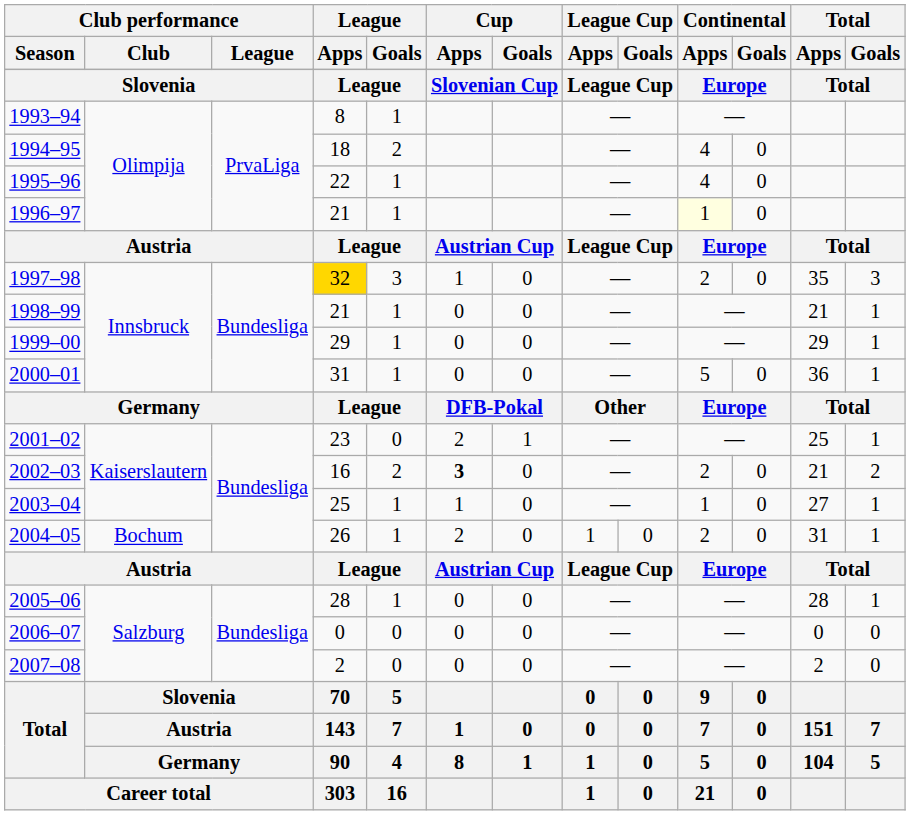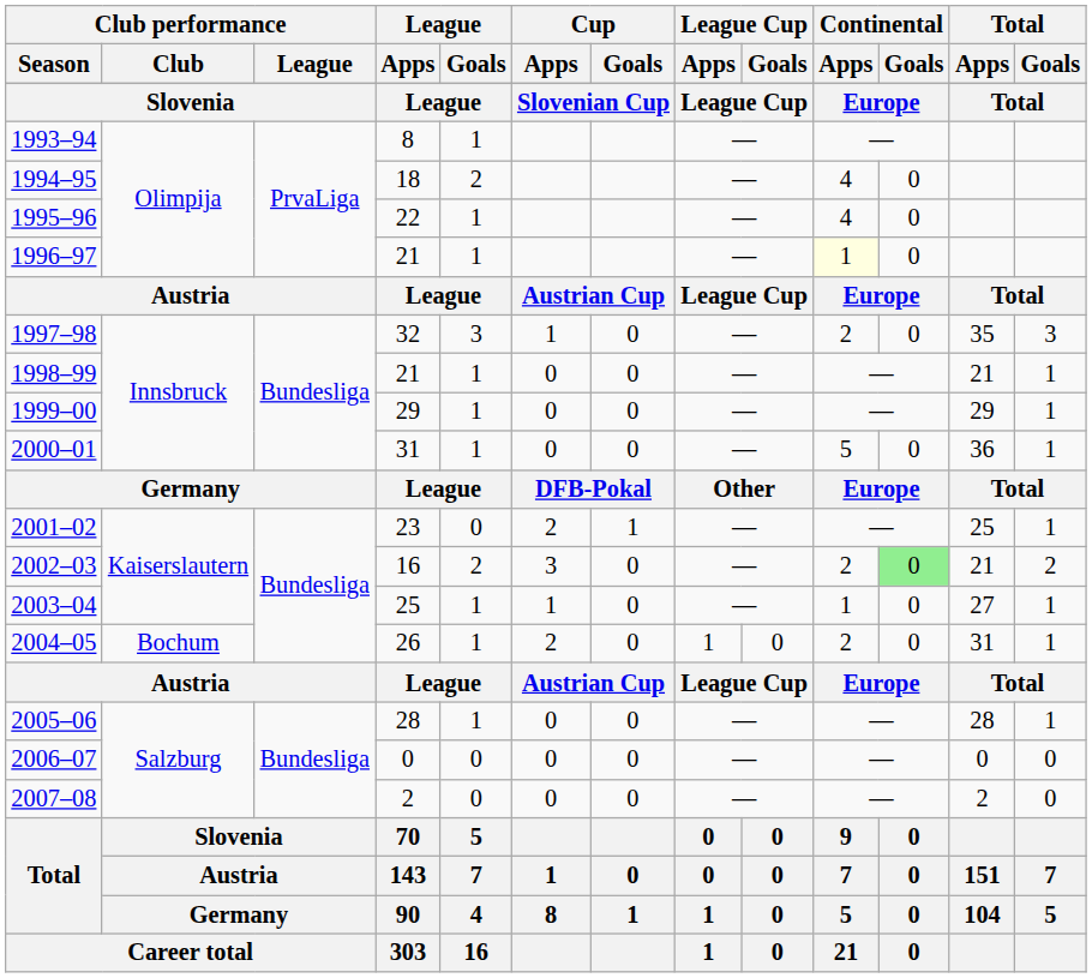 <table class="wikitable" style="text-align:center">
 <tr>
 <th colspan=3>Club performance</th>
 <th colspan=2>League</th>
 <th colspan=2>Cup</th>
 <th colspan=2>League Cup</th>
 <th colspan=2>Continental</th>
 <th colspan=2>Total</th>
 </tr>
 <tr>
 <th>Season</th>
 <th>Club</th>
 <th>League</th>
 <th>Apps</th>
 <th>Goals</th>
 <th>Apps</th>
 <th>Goals</th>
 <th>Apps</th>
 <th>Goals</th>
 <th>Apps</th>
 <th>Goals</th>
 <th>Apps</th>
 <th>Goals</th>
 </tr>
 <tr>
 </tr>
 <tr>
 <th colspan=3>Slovenia</th>
 <th colspan=2>League</th>
 <th colspan=2><a href='#'>Slovenian Cup</a></th>
 <th colspan=2>League Cup</th>
 <th colspan=2><a href='#'>Europe</a></th>
 <th colspan=2>Total</th>
 </tr>
 <tr>
 <td><a href='#'>1993–94</a></td>
 <td rowspan="4"><a href='#'>Olimpija</a></td>
 <td rowspan="4"><a href='#'>PrvaLiga</a></td>
 <td>8</td>
 <td>1</td>
 <td></td>
 <td></td>
 <td colspan="2">—</td>
 <td colspan="2">—</td>
 <td></td>
 <td></td>
 </tr>
 <tr>
 <td><a href='#'>1994–95</a></td>
 <td>18</td>
 <td>2</td>
 <td></td>
 <td></td>
 <td colspan="2">—</td>
 <td>4</td>
 <td>0</td>
 <td></td>
 <td></td>
 </tr>
 <tr>
 <td><a href='#'>1995–96</a></td>
 <td>22</td>
 <td>1</td>
 <td></td>
 <td></td>
 <td colspan="2">—</td>
 <td>4</td>
 <td>0</td>
 <td></td>
 <td></td>
 </tr>
 <tr>
 <td><a href='#'>1996–97</a></td>
 <td>21</td>
 <td>1</td>
 <td></td>
 <td></td>
 <td colspan="2">—</td>
 <td style="background: lightyellow;">1</td>
 <td>0</td>
 <td></td>
 <td></td>
 </tr>
 <tr>
 <th colspan=3>Austria</th>
 <th colspan=2>League</th>
 <th colspan=2><a href='#'>Austrian Cup</a></th>
 <th colspan=2>League Cup</th>
 <th colspan=2><a href='#'>Europe</a></th>
 <th colspan=2>Total</th>
 </tr>
 <tr>
 <td><a href='#'>1997–98</a></td>
 <td rowspan="4"><a href='#'>Innsbruck</a></td>
 <td rowspan="4"><a href='#'>Bundesliga</a></td>
-<td style="background: gold;">32</td>
+<td>32</td>
 <td>3</td>
 <td>1</td>
 <td>0</td>
 <td colspan="2">—</td>
 <td>2</td>
 <td>0</td>
 <td>35</td>
 <td>3</td>
 </tr>
 <tr>
 <td><a href='#'>1998–99</a></td>
 <td>21</td>
 <td>1</td>
 <td>0</td>
 <td>0</td>
 <td colspan="2">—</td>
 <td colspan="2">—</td>
 <td>21</td>
 <td>1</td>
 </tr>
 <tr>
 <td><a href='#'>1999–00</a></td>
 <td>29</td>
 <td>1</td>
 <td>0</td>
 <td>0</td>
 <td colspan="2">—</td>
 <td colspan="2">—</td>
 <td>29</td>
 <td>1</td>
 </tr>
 <tr>
 <td><a href='#'>2000–01</a></td>
 <td>31</td>
 <td>1</td>
 <td>0</td>
 <td>0</td>
 <td colspan="2">—</td>
 <td>5</td>
 <td>0</td>
 <td>36</td>
 <td>1</td>
 </tr>
 <tr>
 <th colspan=3>Germany</th>
 <th colspan=2>League</th>
 <th colspan=2><a href='#'>DFB-Pokal</a></th>
 <th colspan=2>Other</th>
 <th colspan=2><a href='#'>Europe</a></th>
 <th colspan=2>Total</th>
 </tr>
 <tr>
 <td><a href='#'>2001–02</a></td>
 <td rowspan="3"><a href='#'>Kaiserslautern</a></td>
 <td rowspan="4"><a href='#'>Bundesliga</a></td>
 <td>23</td>
 <td>0</td>
 <td>2</td>
 <td>1</td>
 <td colspan="2">—</td>
 <td colspan="2">—</td>
 <td>25</td>
 <td>1</td>
 </tr>
 <tr>
 <td><a href='#'>2002–03</a></td>
 <td>16</td>
 <td>2</td>
-<td><strong>3</strong></td>
+<td>3</td>
 <td>0</td>
 <td colspan="2">—</td>
 <td>2</td>
-<td>0</td>
+<td style="background: lightgreen;">0</td>
 <td>21</td>
 <td>2</td>
 </tr>
 <tr>
 <td><a href='#'>2003–04</a></td>
 <td>25</td>
 <td>1</td>
 <td>1</td>
 <td>0</td>
 <td colspan="2">—</td>
 <td>1</td>
 <td>0</td>
 <td>27</td>
 <td>1</td>
 </tr>
 <tr>
 <td><a href='#'>2004–05</a></td>
 <td><a href='#'>Bochum</a></td>
 <td>26</td>
 <td>1</td>
 <td>2</td>
 <td>0</td>
 <td>1</td>
 <td>0</td>
 <td>2</td>
 <td>0</td>
 <td>31</td>
 <td>1</td>
 </tr>
 <tr>
 <th colspan=3>Austria</th>
 <th colspan=2>League</th>
 <th colspan=2><a href='#'>Austrian Cup</a></th>
 <th colspan=2>League Cup</th>
 <th colspan=2><a href='#'>Europe</a></th>
 <th colspan=2>Total</th>
 </tr>
 <tr>
 <td><a href='#'>2005–06</a></td>
 <td rowspan="3"><a href='#'>Salzburg</a></td>
 <td rowspan="3"><a href='#'>Bundesliga</a></td>
 <td>28</td>
 <td>1</td>
 <td>0</td>
 <td>0</td>
 <td colspan="2">—</td>
 <td colspan="2">—</td>
 <td>28</td>
 <td>1</td>
 </tr>
 <tr>
 <td><a href='#'>2006–07</a></td>
 <td>0</td>
 <td>0</td>
 <td>0</td>
 <td>0</td>
 <td colspan="2">—</td>
 <td colspan="2">—</td>
 <td>0</td>
 <td>0</td>
 </tr>
 <tr>
 <td><a href='#'>2007–08</a></td>
 <td>2</td>
 <td>0</td>
 <td>0</td>
 <td>0</td>
 <td colspan="2">—</td>
 <td colspan="2">—</td>
 <td>2</td>
 <td>0</td>
 </tr>
 <tr>
 <th rowspan=3>Total</th>
 <th colspan=2>Slovenia</th>
 <th>70</th>
 <th>5</th>
 <th></th>
 <th></th>
 <th>0</th>
 <th>0</th>
 <th>9</th>
 <th>0</th>
 <th></th>
 <th></th>
 </tr>
 <tr>
 <th colspan=2>Austria</th>
 <th>143</th>
 <th>7</th>
 <th>1</th>
 <th>0</th>
 <th>0</th>
 <th>0</th>
 <th>7</th>
 <th>0</th>
 <th>151</th>
 <th>7</th>
 </tr>
 <tr>
 <th colspan=2>Germany</th>
 <th>90</th>
 <th>4</th>
 <th>8</th>
 <th>1</th>
 <th>1</th>
 <th>0</th>
 <th>5</th>
 <th>0</th>
 <th>104</th>
 <th>5</th>
 </tr>
 <tr>
 <th colspan=3>Career total</th>
 <th>303</th>
 <th>16</th>
 <th></th>
 <th></th>
 <th>1</th>
 <th>0</th>
 <th>21</th>
 <th>0</th>
 <th></th>
 <th></th>
 </tr>
 </table>
